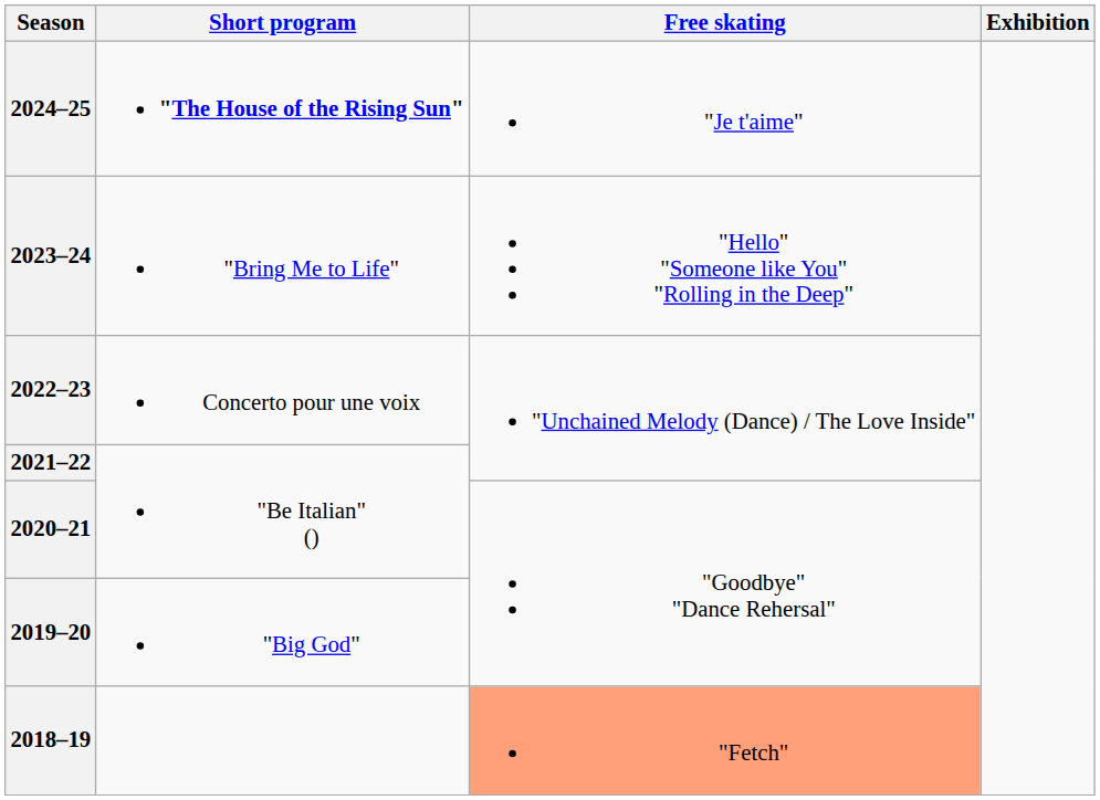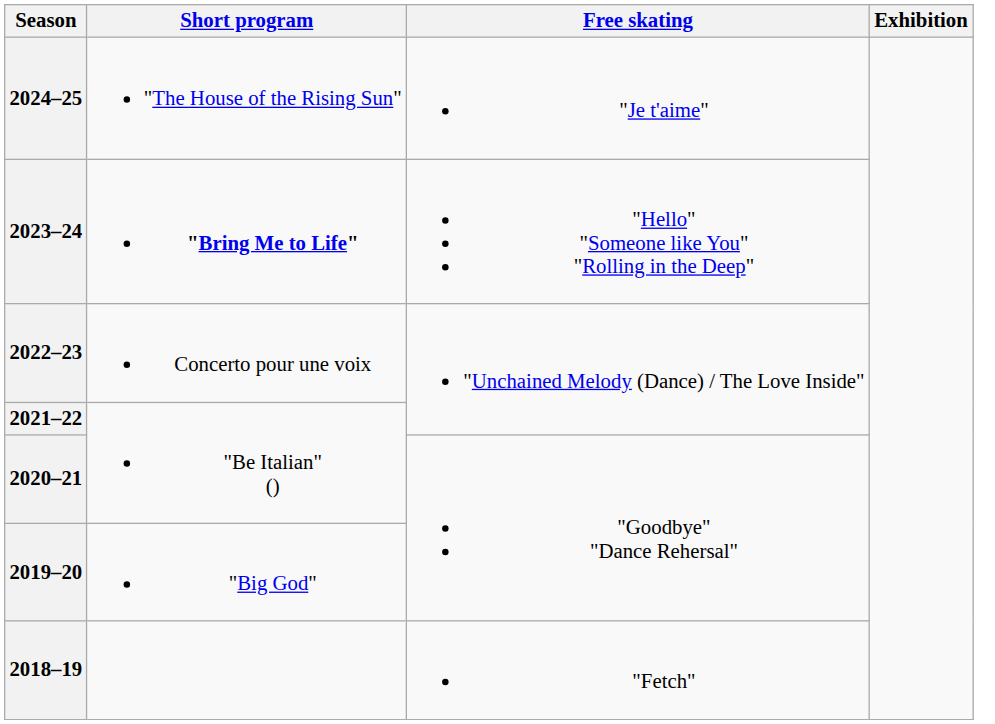 <table class="wikitable" style="text-align:center">
 <tr>
 <th>Season</th>
 <th><a href='#'>Short program</a></th>
 <th><a href='#'>Free skating</a></th>
 <th>Exhibition</th>
 </tr>
 <tr>
 <th>2024–25</th>
-<td><strong><br><ul><li>"<a href='#'>The House of the Rising Sun</a>"<br><br></li></ul></strong></td>
+<td><br><ul><li>"<a href='#'>The House of the Rising Sun</a>"<br><br></li></ul></td>
 <td><br><ul><li>"<a href='#'>Je t'aime</a>"<br></li></ul></td>
 </tr>
 <tr>
 <th>2023–24<br></th>
-<td><br><ul><li>"<a href='#'>Bring Me to Life</a>"<br></li></ul></td>
+<td><strong><br><ul><li>"<a href='#'>Bring Me to Life</a>"<br></li></ul></strong></td>
 <td><br><ul><li>"<a href='#'>Hello</a>"</li><li>"<a href='#'>Someone like You</a>"</li><li>"<a href='#'>Rolling in the Deep</a>"<br></li></ul></td>
 </tr>
 <tr>
 <th>2022–23</th>
 <td><br><ul><li>Concerto pour une voix<br></li></ul></td>
 <td rowspan=2><br><ul><li>"<a href='#'>Unchained Melody</a> (Dance) / The Love Inside"<br></li></ul></td>
 </tr>
 <tr>
 <th>2021–22</th>
 <td rowspan=2><br><ul><li>"Be Italian"<br>()<br></li></ul></td>
 </tr>
 <tr>
 <th>2020–21</th>
 <td rowspan=2><br><ul><li>"Goodbye"<br></li><li>"Dance Rehersal"<br></li></ul></td>
 </tr>
 <tr>
 <th>2019–20</th>
 <td><br><ul><li>"<a href='#'>Big God</a>"<br></li></ul></td>
 </tr>
 <tr>
 <th>2018–19</th>
 <td></td>
-<td style="background: lightsalmon;"><br><ul><li>"Fetch"<br></li></ul></td>
+<td><br><ul><li>"Fetch"<br></li></ul></td>
 </tr>
 </table>
